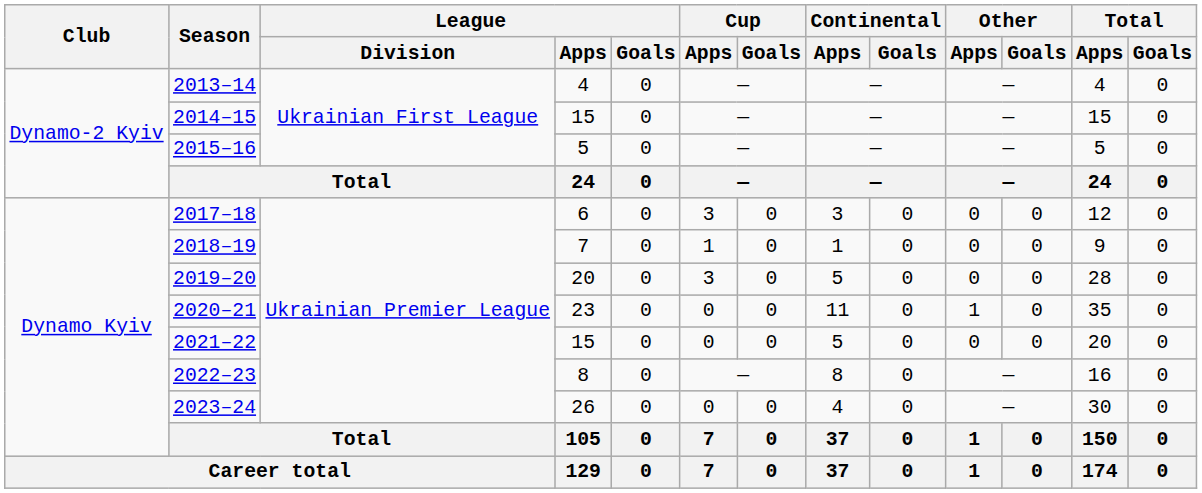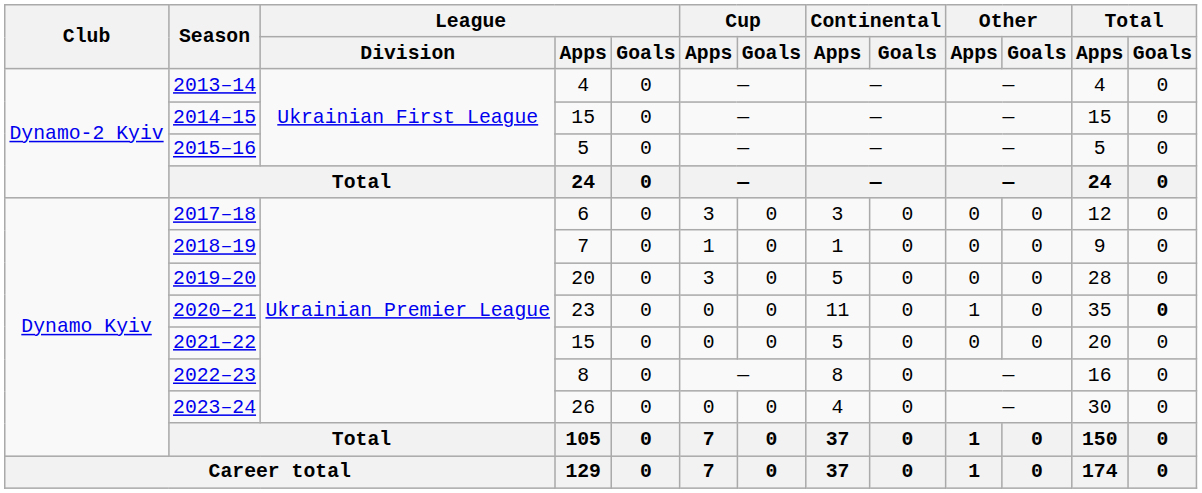 <table class="wikitable" style="text-align:center">
 <tr>
 <th rowspan="2">Club</th>
 <th rowspan="2">Season</th>
 <th colspan="3">League</th>
 <th colspan="2">Cup</th>
 <th colspan="2">Continental</th>
 <th colspan="2">Other</th>
 <th colspan="2">Total</th>
 </tr>
 <tr>
 <th>Division</th>
 <th>Apps</th>
 <th>Goals</th>
 <th>Apps</th>
 <th>Goals</th>
 <th>Apps</th>
 <th>Goals</th>
 <th>Apps</th>
 <th>Goals</th>
 <th>Apps</th>
 <th>Goals</th>
 </tr>
 <tr>
 <td rowspan="4"><a href='#'>Dynamo-2 Kyiv</a></td>
 <td><a href='#'>2013–14</a></td>
 <td rowspan="3"><a href='#'>Ukrainian First League</a></td>
 <td>4</td>
 <td>0</td>
 <td colspan="2">—</td>
 <td colspan="2">—</td>
 <td colspan="2">—</td>
 <td>4</td>
 <td>0</td>
 </tr>
 <tr>
 <td><a href='#'>2014–15</a></td>
 <td>15</td>
 <td>0</td>
 <td colspan="2">—</td>
 <td colspan="2">—</td>
 <td colspan="2">—</td>
 <td>15</td>
 <td>0</td>
 </tr>
 <tr>
 <td><a href='#'>2015–16</a></td>
 <td>5</td>
 <td>0</td>
 <td colspan="2">—</td>
 <td colspan="2">—</td>
 <td colspan="2">—</td>
 <td>5</td>
 <td>0</td>
 </tr>
 <tr>
 <th colspan="2">Total</th>
 <th>24</th>
 <th>0</th>
 <th colspan="2">—</th>
 <th colspan="2">—</th>
 <th colspan="2">—</th>
 <th>24</th>
 <th>0</th>
 </tr>
 <tr>
 <td rowspan="8"><a href='#'>Dynamo Kyiv</a></td>
 <td><a href='#'>2017–18</a></td>
 <td rowspan="7"><a href='#'>Ukrainian Premier League</a></td>
 <td>6</td>
 <td>0</td>
 <td>3</td>
 <td>0</td>
 <td>3</td>
 <td>0</td>
 <td>0</td>
 <td>0</td>
 <td>12</td>
 <td>0</td>
 </tr>
 <tr>
 <td><a href='#'>2018–19</a></td>
 <td>7</td>
 <td>0</td>
 <td>1</td>
 <td>0</td>
 <td>1</td>
 <td>0</td>
 <td>0</td>
 <td>0</td>
 <td>9</td>
 <td>0</td>
 </tr>
 <tr>
 <td><a href='#'>2019–20</a></td>
 <td>20</td>
 <td>0</td>
 <td>3</td>
 <td>0</td>
 <td>5</td>
 <td>0</td>
 <td>0</td>
 <td>0</td>
 <td>28</td>
 <td>0</td>
 </tr>
 <tr>
 <td><a href='#'>2020–21</a></td>
 <td>23</td>
 <td>0</td>
 <td>0</td>
 <td>0</td>
 <td>11</td>
 <td>0</td>
 <td>1</td>
 <td>0</td>
 <td>35</td>
-<td>0</td>
+<td><strong>0</strong></td>
 </tr>
 <tr>
 <td><a href='#'>2021–22</a></td>
 <td>15</td>
 <td>0</td>
 <td>0</td>
 <td>0</td>
 <td>5</td>
 <td>0</td>
 <td>0</td>
 <td>0</td>
 <td>20</td>
 <td>0</td>
 </tr>
 <tr>
 <td><a href='#'>2022–23</a></td>
 <td>8</td>
 <td>0</td>
 <td colspan="2">—</td>
 <td>8</td>
 <td>0</td>
 <td colspan="2">—</td>
 <td>16</td>
 <td>0</td>
 </tr>
 <tr>
 <td><a href='#'>2023–24</a></td>
 <td>26</td>
 <td>0</td>
 <td>0</td>
 <td>0</td>
 <td>4</td>
 <td>0</td>
 <td colspan="2">—</td>
 <td>30</td>
 <td>0</td>
 </tr>
 <tr>
 <th colspan="2">Total</th>
 <th>105</th>
 <th>0</th>
 <th>7</th>
 <th>0</th>
 <th>37</th>
 <th>0</th>
 <th>1</th>
 <th>0</th>
 <th>150</th>
 <th>0</th>
 </tr>
 <tr>
 <th colspan="3">Career total</th>
 <th>129</th>
 <th>0</th>
 <th>7</th>
 <th>0</th>
 <th>37</th>
 <th>0</th>
 <th>1</th>
 <th>0</th>
 <th>174</th>
 <th>0</th>
 </tr>
 </table>
